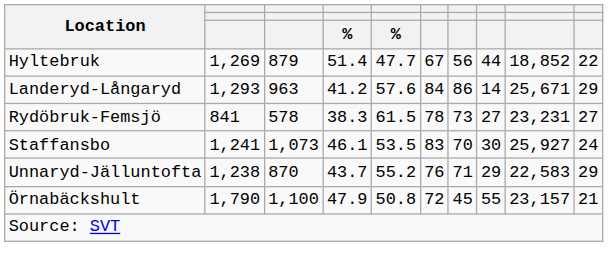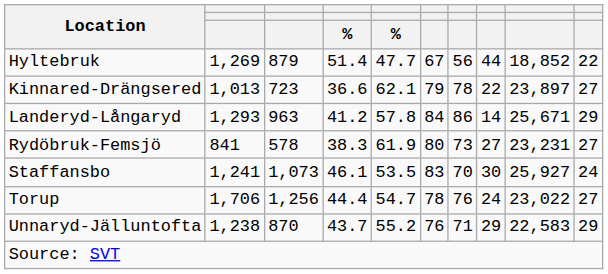 <table role="presentation" class="wikitable sortable mw-collapsible">
 <tr>
 <th rowspan="3">Location</th>
 <th></th>
 <th></th>
 <th></th>
 <th></th>
 <th></th>
 <th></th>
 <th></th>
 <th></th>
 <th></th>
 </tr>
 <tr>
 <th></th>
 <th></th>
 <th style="background:"></th>
 <th style="background:"></th>
 <th></th>
 <th></th>
 <th></th>
 <th></th>
 <th></th>
 </tr>
 <tr>
 <th data-sort-type="number"></th>
 <th data-sort-type="number"></th>
 <th data-sort-type="number">%</th>
 <th data-sort-type="number">%</th>
 <th data-sort-type="number"></th>
 <th data-sort-type="number"></th>
 <th data-sort-type="number"></th>
 <th data-sort-type="number"></th>
 <th data-sort-type="number"></th>
 </tr>
 <tr>
 <td align="left">Hyltebruk</td>
 <td>1,269</td>
 <td>879</td>
 <td>51.4</td>
 <td>47.7</td>
 <td>67</td>
 <td>56</td>
 <td>44</td>
 <td>18,852</td>
 <td>22</td>
 </tr>
 <tr>
+<td align="left">Kinnared-Drängsered</td>
+<td>1,013</td>
+<td>723</td>
+<td>36.6</td>
+<td>62.1</td>
+<td>79</td>
+<td>78</td>
+<td>22</td>
+<td>23,897</td>
+<td>27</td>
+</tr>
+<tr>
 <td align="left">Landeryd-Långaryd</td>
 <td>1,293</td>
 <td>963</td>
 <td>41.2</td>
-<td>57.6</td>
+<td>57.8</td>
 <td>84</td>
 <td>86</td>
 <td>14</td>
 <td>25,671</td>
 <td>29</td>
 </tr>
 <tr>
 <td align="left">Rydöbruk-Femsjö</td>
 <td>841</td>
 <td>578</td>
 <td>38.3</td>
-<td>61.5</td>
-<td>78</td>
+<td>61.9</td>
+<td>80</td>
 <td>73</td>
 <td>27</td>
 <td>23,231</td>
 <td>27</td>
 </tr>
 <tr>
 <td align="left">Staffansbo</td>
 <td>1,241</td>
 <td>1,073</td>
 <td>46.1</td>
 <td>53.5</td>
 <td>83</td>
 <td>70</td>
 <td>30</td>
 <td>25,927</td>
 <td>24</td>
 </tr>
 <tr>
+<td align="left">Torup</td>
+<td>1,706</td>
+<td>1,256</td>
+<td>44.4</td>
+<td>54.7</td>
+<td>78</td>
+<td>76</td>
+<td>24</td>
+<td>23,022</td>
+<td>27</td>
+</tr>
+<tr>
 <td align="left">Unnaryd-Jälluntofta</td>
 <td>1,238</td>
 <td>870</td>
 <td>43.7</td>
 <td>55.2</td>
 <td>76</td>
 <td>71</td>
 <td>29</td>
 <td>22,583</td>
 <td>29</td>
 </tr>
 <tr>
-<td align="left">Örnabäckshult</td>
-<td>1,790</td>
-<td>1,100</td>
-<td>47.9</td>
-<td>50.8</td>
-<td>72</td>
-<td>45</td>
-<td>55</td>
-<td>23,157</td>
-<td>21</td>
-</tr>
-<tr>
 <td colspan="10" align="left">Source: <a href='#'>SVT</a></td>
 </tr>
 </table>
